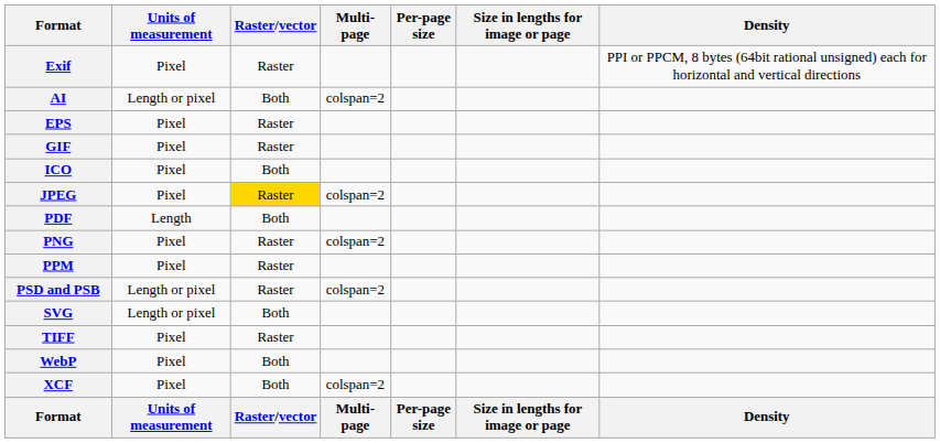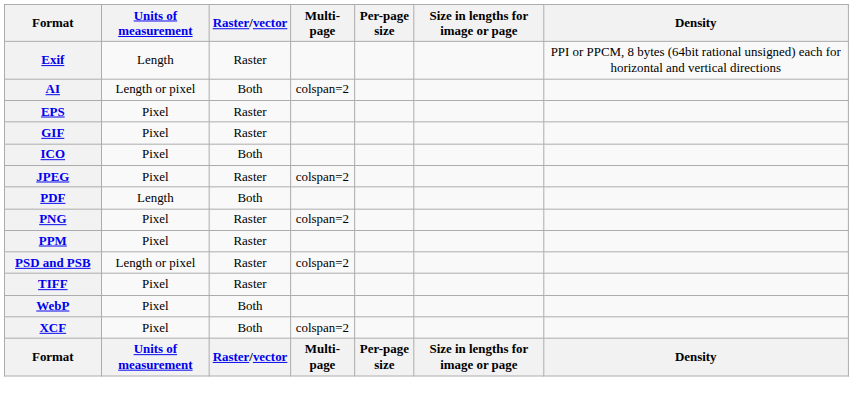 <table class="sortable wikitable" style="text-align:center; width:auto; font-size:smaller;">
 <tr>
 <th style="width:7em;">Format</th>
 <th><a href='#'>Units of measurement</a></th>
 <th><a href='#'>Raster</a>/<a href='#'>vector</a></th>
 <th>Multi-page</th>
 <th>Per-page size</th>
 <th>Size in lengths for image or page</th>
 <th>Density</th>
 </tr>
 <tr>
 <th><a href='#'>Exif</a></th>
-<td>Pixel</td>
+<td>Length</td>
 <td>Raster</td>
 <td></td>
 <td></td>
 <td></td>
 <td>PPI or PPCM, 8 bytes (64bit rational unsigned) each for horizontal and vertical directions</td>
 </tr>
 <tr>
 <th><a href='#'>AI</a></th>
 <td>Length or pixel</td>
 <td>Both</td>
 <td>colspan=2 </td>
 <td></td>
 <td></td>
 </tr>
 <tr>
 <th><a href='#'>EPS</a></th>
 <td>Pixel</td>
 <td>Raster</td>
 <td></td>
 <td></td>
 <td></td>
 <td></td>
 </tr>
 <tr>
 <th><a href='#'>GIF</a></th>
 <td>Pixel</td>
 <td>Raster</td>
 <td></td>
 <td></td>
 <td></td>
 <td></td>
 </tr>
 <tr>
 <th><a href='#'>ICO</a></th>
 <td>Pixel</td>
 <td>Both</td>
 <td></td>
 <td></td>
 <td></td>
 <td></td>
 </tr>
 <tr>
 <th><a href='#'>JPEG</a></th>
 <td>Pixel</td>
-<td style="background: gold;">Raster</td>
+<td>Raster</td>
 <td>colspan=2 </td>
 <td></td>
 <td></td>
 </tr>
 <tr>
 <th><a href='#'>PDF</a></th>
 <td>Length</td>
 <td>Both</td>
 <td></td>
 <td></td>
 <td></td>
 <td></td>
 </tr>
 <tr>
 <th><a href='#'>PNG</a></th>
 <td>Pixel</td>
 <td>Raster</td>
 <td>colspan=2 </td>
 <td></td>
 <td></td>
 </tr>
 <tr>
 <th><a href='#'>PPM</a></th>
 <td>Pixel</td>
 <td>Raster</td>
 <td></td>
 <td></td>
 <td></td>
 <td></td>
 </tr>
 <tr>
 <th><a href='#'>PSD and PSB</a></th>
 <td>Length or pixel</td>
 <td>Raster</td>
 <td>colspan=2 </td>
 <td></td>
 <td></td>
 </tr>
 <tr>
-<th><a href='#'>SVG</a></th>
-<td>Length or pixel</td>
-<td>Both</td>
-<td></td>
-<td></td>
-<td></td>
-<td></td>
-</tr>
-<tr>
 <th><a href='#'>TIFF</a></th>
 <td>Pixel</td>
 <td>Raster</td>
 <td></td>
 <td></td>
 <td></td>
 <td></td>
 </tr>
 <tr>
 <th><a href='#'>WebP</a></th>
 <td>Pixel</td>
 <td>Both</td>
 <td></td>
 <td></td>
 <td></td>
 <td></td>
 </tr>
 <tr>
 <th><a href='#'>XCF</a></th>
 <td>Pixel</td>
 <td>Both</td>
 <td>colspan=2 </td>
 <td></td>
 <td></td>
 </tr>
 <tr class="sortbottom">
 <th style="width:7em;">Format</th>
 <th><a href='#'>Units of measurement</a></th>
 <th><a href='#'>Raster</a>/<a href='#'>vector</a></th>
 <th>Multi-page</th>
 <th>Per-page size</th>
 <th>Size in lengths for image or page</th>
 <th>Density</th>
 </tr>
 </table>
